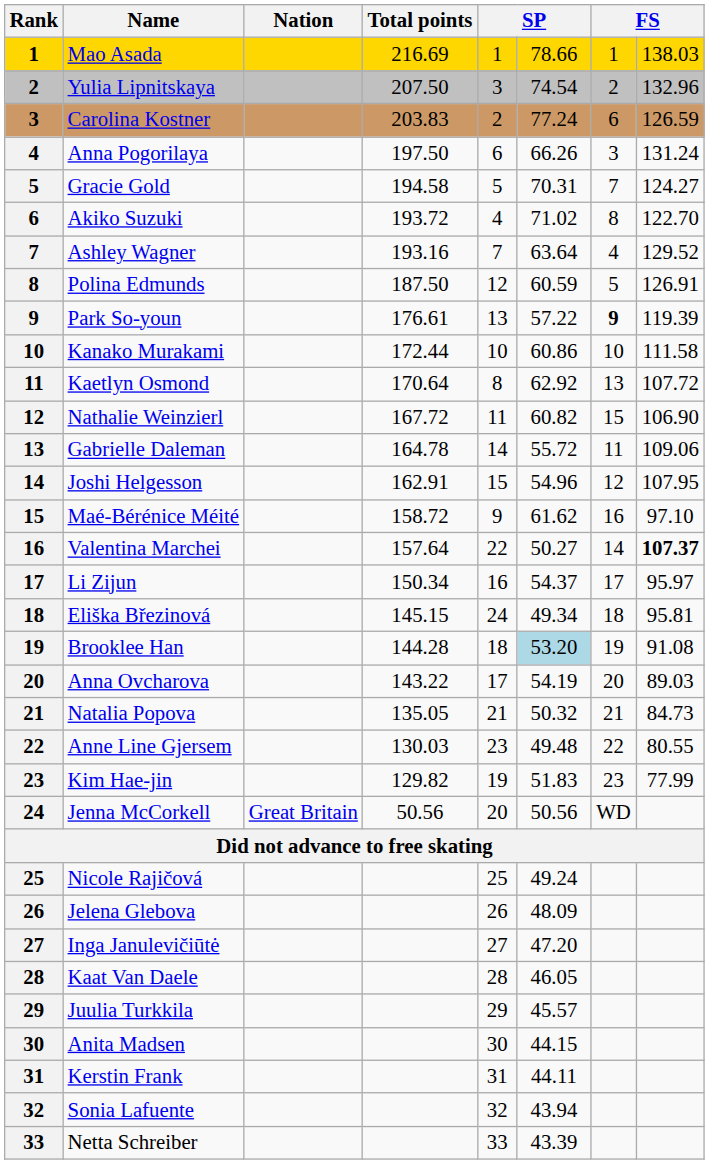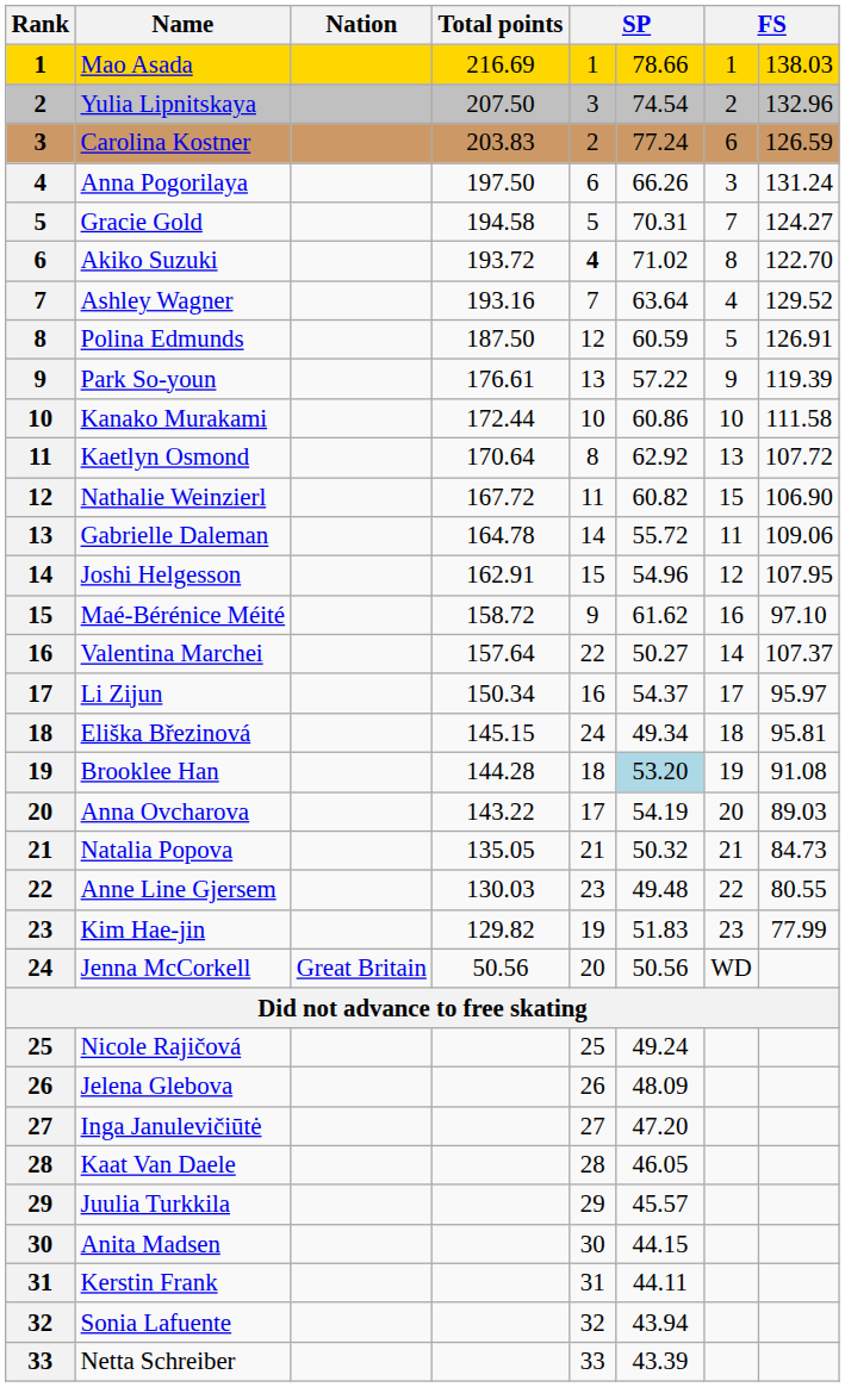 <table class="wikitable sortable">
 <tr>
 <th>Rank</th>
 <th>Name</th>
 <th>Nation</th>
 <th>Total points</th>
 <th colspan="2" width="80px"><a href='#'>SP</a></th>
 <th colspan="2" width="80px"><a href='#'>FS</a></th>
 </tr>
 <tr bgcolor="gold">
 <td align="center"><strong>1</strong></td>
 <td><a href='#'>Mao Asada</a></td>
 <td></td>
 <td align="center">216.69</td>
 <td align="center">1</td>
 <td align="center">78.66</td>
 <td align="center">1</td>
 <td align="center">138.03</td>
 </tr>
 <tr bgcolor="silver">
 <td align="center"><strong>2</strong></td>
 <td><a href='#'>Yulia Lipnitskaya</a></td>
 <td></td>
 <td align="center">207.50</td>
 <td align="center">3</td>
 <td align="center">74.54</td>
 <td align="center">2</td>
 <td align="center">132.96</td>
 </tr>
 <tr bgcolor="cc9966">
 <td align="center"><strong>3</strong></td>
 <td><a href='#'>Carolina Kostner</a></td>
 <td></td>
 <td align="center">203.83</td>
 <td align="center">2</td>
 <td align="center">77.24</td>
 <td align="center">6</td>
 <td align="center">126.59</td>
 </tr>
 <tr>
 <th>4</th>
 <td><a href='#'>Anna Pogorilaya</a></td>
 <td></td>
 <td align="center">197.50</td>
 <td align="center">6</td>
 <td align="center">66.26</td>
 <td align="center">3</td>
 <td align="center">131.24</td>
 </tr>
 <tr>
 <th>5</th>
 <td><a href='#'>Gracie Gold</a></td>
 <td></td>
 <td align="center">194.58</td>
 <td align="center">5</td>
 <td align="center">70.31</td>
 <td align="center">7</td>
 <td align="center">124.27</td>
 </tr>
 <tr>
 <th>6</th>
 <td><a href='#'>Akiko Suzuki</a></td>
 <td></td>
 <td align="center">193.72</td>
-<td align="center">4</td>
+<td align="center"><strong>4</strong></td>
 <td align="center">71.02</td>
 <td align="center">8</td>
 <td align="center">122.70</td>
 </tr>
 <tr>
 <th>7</th>
 <td><a href='#'>Ashley Wagner</a></td>
 <td></td>
 <td align="center">193.16</td>
 <td align="center">7</td>
 <td align="center">63.64</td>
 <td align="center">4</td>
 <td align="center">129.52</td>
 </tr>
 <tr>
 <th>8</th>
 <td><a href='#'>Polina Edmunds</a></td>
 <td></td>
 <td align="center">187.50</td>
 <td align="center">12</td>
 <td align="center">60.59</td>
 <td align="center">5</td>
 <td align="center">126.91</td>
 </tr>
 <tr>
 <th>9</th>
 <td><a href='#'>Park So-youn</a></td>
 <td></td>
 <td align="center">176.61</td>
 <td align="center">13</td>
 <td align="center">57.22</td>
-<td align="center"><strong>9</strong></td>
+<td align="center">9</td>
 <td align="center">119.39</td>
 </tr>
 <tr>
 <th>10</th>
 <td><a href='#'>Kanako Murakami</a></td>
 <td></td>
 <td align="center">172.44</td>
 <td align="center">10</td>
 <td align="center">60.86</td>
 <td align="center">10</td>
 <td align="center">111.58</td>
 </tr>
 <tr>
 <th>11</th>
 <td><a href='#'>Kaetlyn Osmond</a></td>
 <td></td>
 <td align="center">170.64</td>
 <td align="center">8</td>
 <td align="center">62.92</td>
 <td align="center">13</td>
 <td align="center">107.72</td>
 </tr>
 <tr>
 <th>12</th>
 <td><a href='#'>Nathalie Weinzierl</a></td>
 <td></td>
 <td align="center">167.72</td>
 <td align="center">11</td>
 <td align="center">60.82</td>
 <td align="center">15</td>
 <td align="center">106.90</td>
 </tr>
 <tr>
 <th>13</th>
 <td><a href='#'>Gabrielle Daleman</a></td>
 <td></td>
 <td align="center">164.78</td>
 <td align="center">14</td>
 <td align="center">55.72</td>
 <td align="center">11</td>
 <td align="center">109.06</td>
 </tr>
 <tr>
 <th>14</th>
 <td><a href='#'>Joshi Helgesson</a></td>
 <td></td>
 <td align="center">162.91</td>
 <td align="center">15</td>
 <td align="center">54.96</td>
 <td align="center">12</td>
 <td align="center">107.95</td>
 </tr>
 <tr>
 <th>15</th>
 <td><a href='#'>Maé-Bérénice Méité</a></td>
 <td></td>
 <td align="center">158.72</td>
 <td align="center">9</td>
 <td align="center">61.62</td>
 <td align="center">16</td>
 <td align="center">97.10</td>
 </tr>
 <tr>
 <th>16</th>
 <td><a href='#'>Valentina Marchei</a></td>
 <td></td>
 <td align="center">157.64</td>
 <td align="center">22</td>
 <td align="center">50.27</td>
 <td align="center">14</td>
-<td align="center"><strong>107.37</strong></td>
+<td align="center">107.37</td>
 </tr>
 <tr>
 <th>17</th>
 <td><a href='#'>Li Zijun</a></td>
 <td></td>
 <td align="center">150.34</td>
 <td align="center">16</td>
 <td align="center">54.37</td>
 <td align="center">17</td>
 <td align="center">95.97</td>
 </tr>
 <tr>
 <th>18</th>
 <td><a href='#'>Eliška Březinová</a></td>
 <td></td>
 <td align="center">145.15</td>
 <td align="center">24</td>
 <td align="center">49.34</td>
 <td align="center">18</td>
 <td align="center">95.81</td>
 </tr>
 <tr>
 <th>19</th>
 <td><a href='#'>Brooklee Han</a></td>
 <td></td>
 <td align="center">144.28</td>
 <td align="center">18</td>
 <td align="center" style="background: lightblue;">53.20</td>
 <td align="center">19</td>
 <td align="center">91.08</td>
 </tr>
 <tr>
 <th>20</th>
 <td><a href='#'>Anna Ovcharova</a></td>
 <td></td>
 <td align="center">143.22</td>
 <td align="center">17</td>
 <td align="center">54.19</td>
 <td align="center">20</td>
 <td align="center">89.03</td>
 </tr>
 <tr>
 <th>21</th>
 <td><a href='#'>Natalia Popova</a></td>
 <td></td>
 <td align="center">135.05</td>
 <td align="center">21</td>
 <td align="center">50.32</td>
 <td align="center">21</td>
 <td align="center">84.73</td>
 </tr>
 <tr>
 <th>22</th>
 <td><a href='#'>Anne Line Gjersem</a></td>
 <td></td>
 <td align="center">130.03</td>
 <td align="center">23</td>
 <td align="center">49.48</td>
 <td align="center">22</td>
 <td align="center">80.55</td>
 </tr>
 <tr>
 <th>23</th>
 <td><a href='#'>Kim Hae-jin</a></td>
 <td></td>
 <td align="center">129.82</td>
 <td align="center">19</td>
 <td align="center">51.83</td>
 <td align="center">23</td>
 <td align="center">77.99</td>
 </tr>
 <tr>
 <th>24</th>
 <td><a href='#'>Jenna McCorkell</a></td>
 <td> <a href='#'>Great Britain</a></td>
 <td align="center">50.56</td>
 <td align="center">20</td>
 <td align="center">50.56</td>
 <td align="center">WD</td>
 <td align="center"></td>
 </tr>
 <tr>
 <th colspan="10">Did not advance to free skating</th>
 </tr>
 <tr>
 <th>25</th>
 <td><a href='#'>Nicole Rajičová</a></td>
 <td></td>
 <td align="center"></td>
 <td align="center">25</td>
 <td align="center">49.24</td>
 <td align="center"></td>
 <td align="center"></td>
 </tr>
 <tr>
 <th>26</th>
 <td><a href='#'>Jelena Glebova</a></td>
 <td></td>
 <td align="center"></td>
 <td align="center">26</td>
 <td align="center">48.09</td>
 <td align="center"></td>
 <td align="center"></td>
 </tr>
 <tr>
 <th>27</th>
 <td><a href='#'>Inga Janulevičiūtė</a></td>
 <td></td>
 <td align="center"></td>
 <td align="center">27</td>
 <td align="center">47.20</td>
 <td align="center"></td>
 <td align="center"></td>
 </tr>
 <tr>
 <th>28</th>
 <td><a href='#'>Kaat Van Daele</a></td>
 <td></td>
 <td align="center"></td>
 <td align="center">28</td>
 <td align="center">46.05</td>
 <td align="center"></td>
 <td align="center"></td>
 </tr>
 <tr>
 <th>29</th>
 <td><a href='#'>Juulia Turkkila</a></td>
 <td></td>
 <td align="center"></td>
 <td align="center">29</td>
 <td align="center">45.57</td>
 <td align="center"></td>
 <td align="center"></td>
 </tr>
 <tr>
 <th>30</th>
 <td><a href='#'>Anita Madsen</a></td>
 <td></td>
 <td align="center"></td>
 <td align="center">30</td>
 <td align="center">44.15</td>
 <td align="center"></td>
 <td align="center"></td>
 </tr>
 <tr>
 <th>31</th>
 <td><a href='#'>Kerstin Frank</a></td>
 <td></td>
 <td align="center"></td>
 <td align="center">31</td>
 <td align="center">44.11</td>
 <td align="center"></td>
 <td align="center"></td>
 </tr>
 <tr>
 <th>32</th>
 <td><a href='#'>Sonia Lafuente</a></td>
 <td></td>
 <td align="center"></td>
 <td align="center">32</td>
 <td align="center">43.94</td>
 <td align="center"></td>
 <td align="center"></td>
 </tr>
 <tr>
 <th>33</th>
 <td>Netta Schreiber</td>
 <td></td>
 <td align="center"></td>
 <td align="center">33</td>
 <td align="center">43.39</td>
 <td align="center"></td>
 <td align="center"></td>
 </tr>
 </table>
